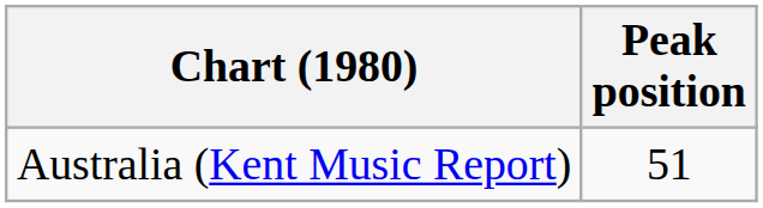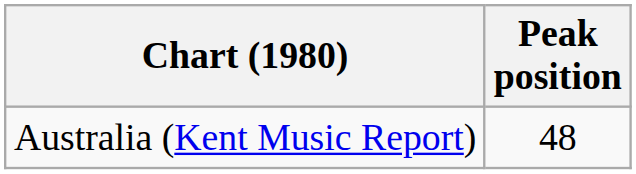 <table class="wikitable">
 <tr>
 <th scope="col">Chart (1980)</th>
 <th>Peak<br>position</th>
 </tr>
 <tr>
 <td>Australia (<a href='#'>Kent Music Report</a>)</td>
-<td style="text-align:center;">51</td>
+<td style="text-align:center;">48</td>
 </tr>
 </table>
